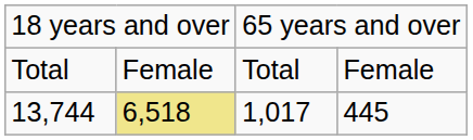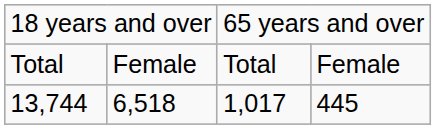 <table class=wikitable>
 <tr>
 <td colspan="2">18 years and over</td>
 <td colspan="2">65 years and over</td>
 </tr>
 <tr>
 <td>Total</td>
 <td>Female</td>
 <td>Total</td>
 <td>Female</td>
 </tr>
 <tr>
 <td>13,744</td>
-<td style="background: khaki;">6,518</td>
+<td>6,518</td>
 <td>1,017</td>
 <td>445</td>
 </tr>
 </table>
